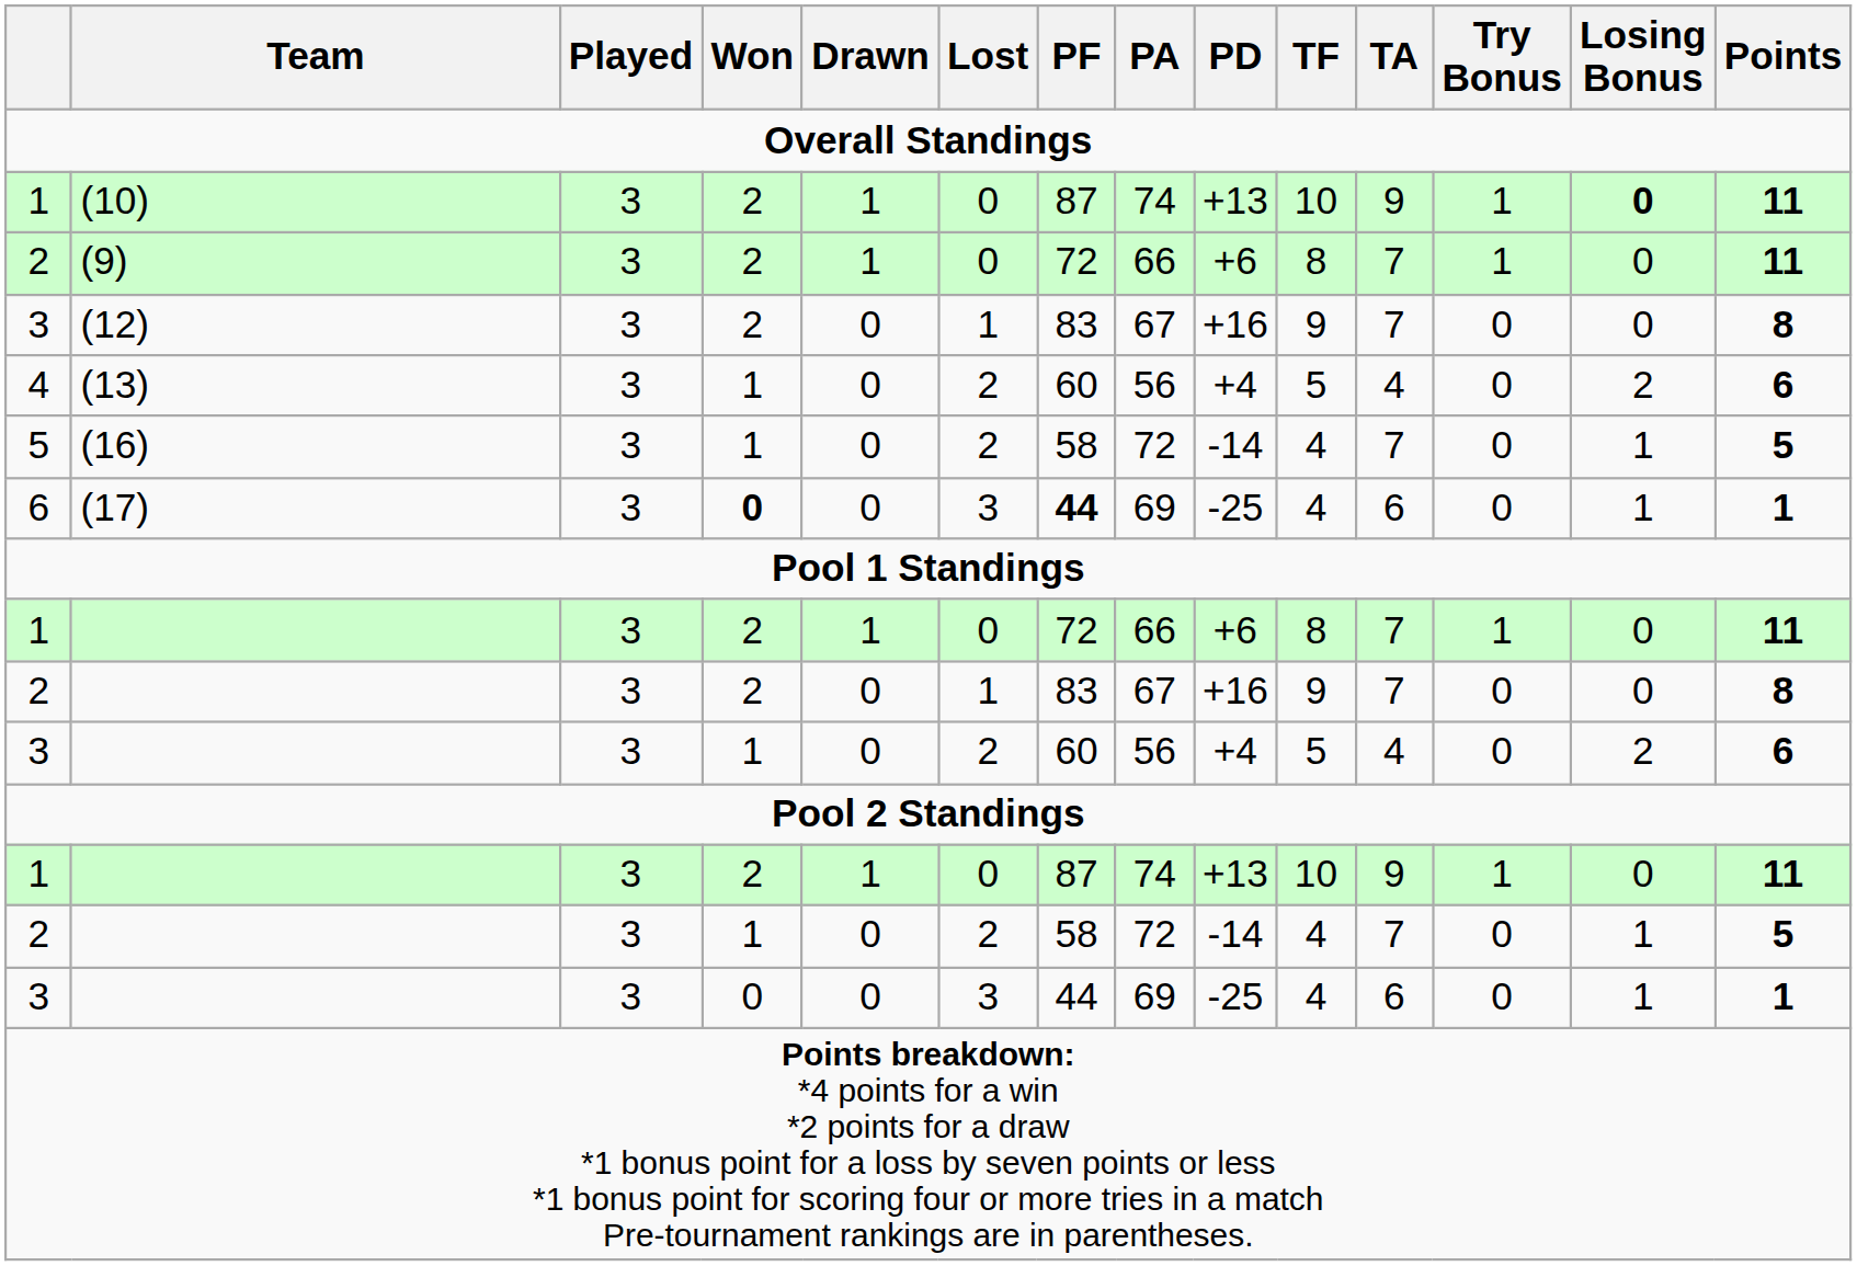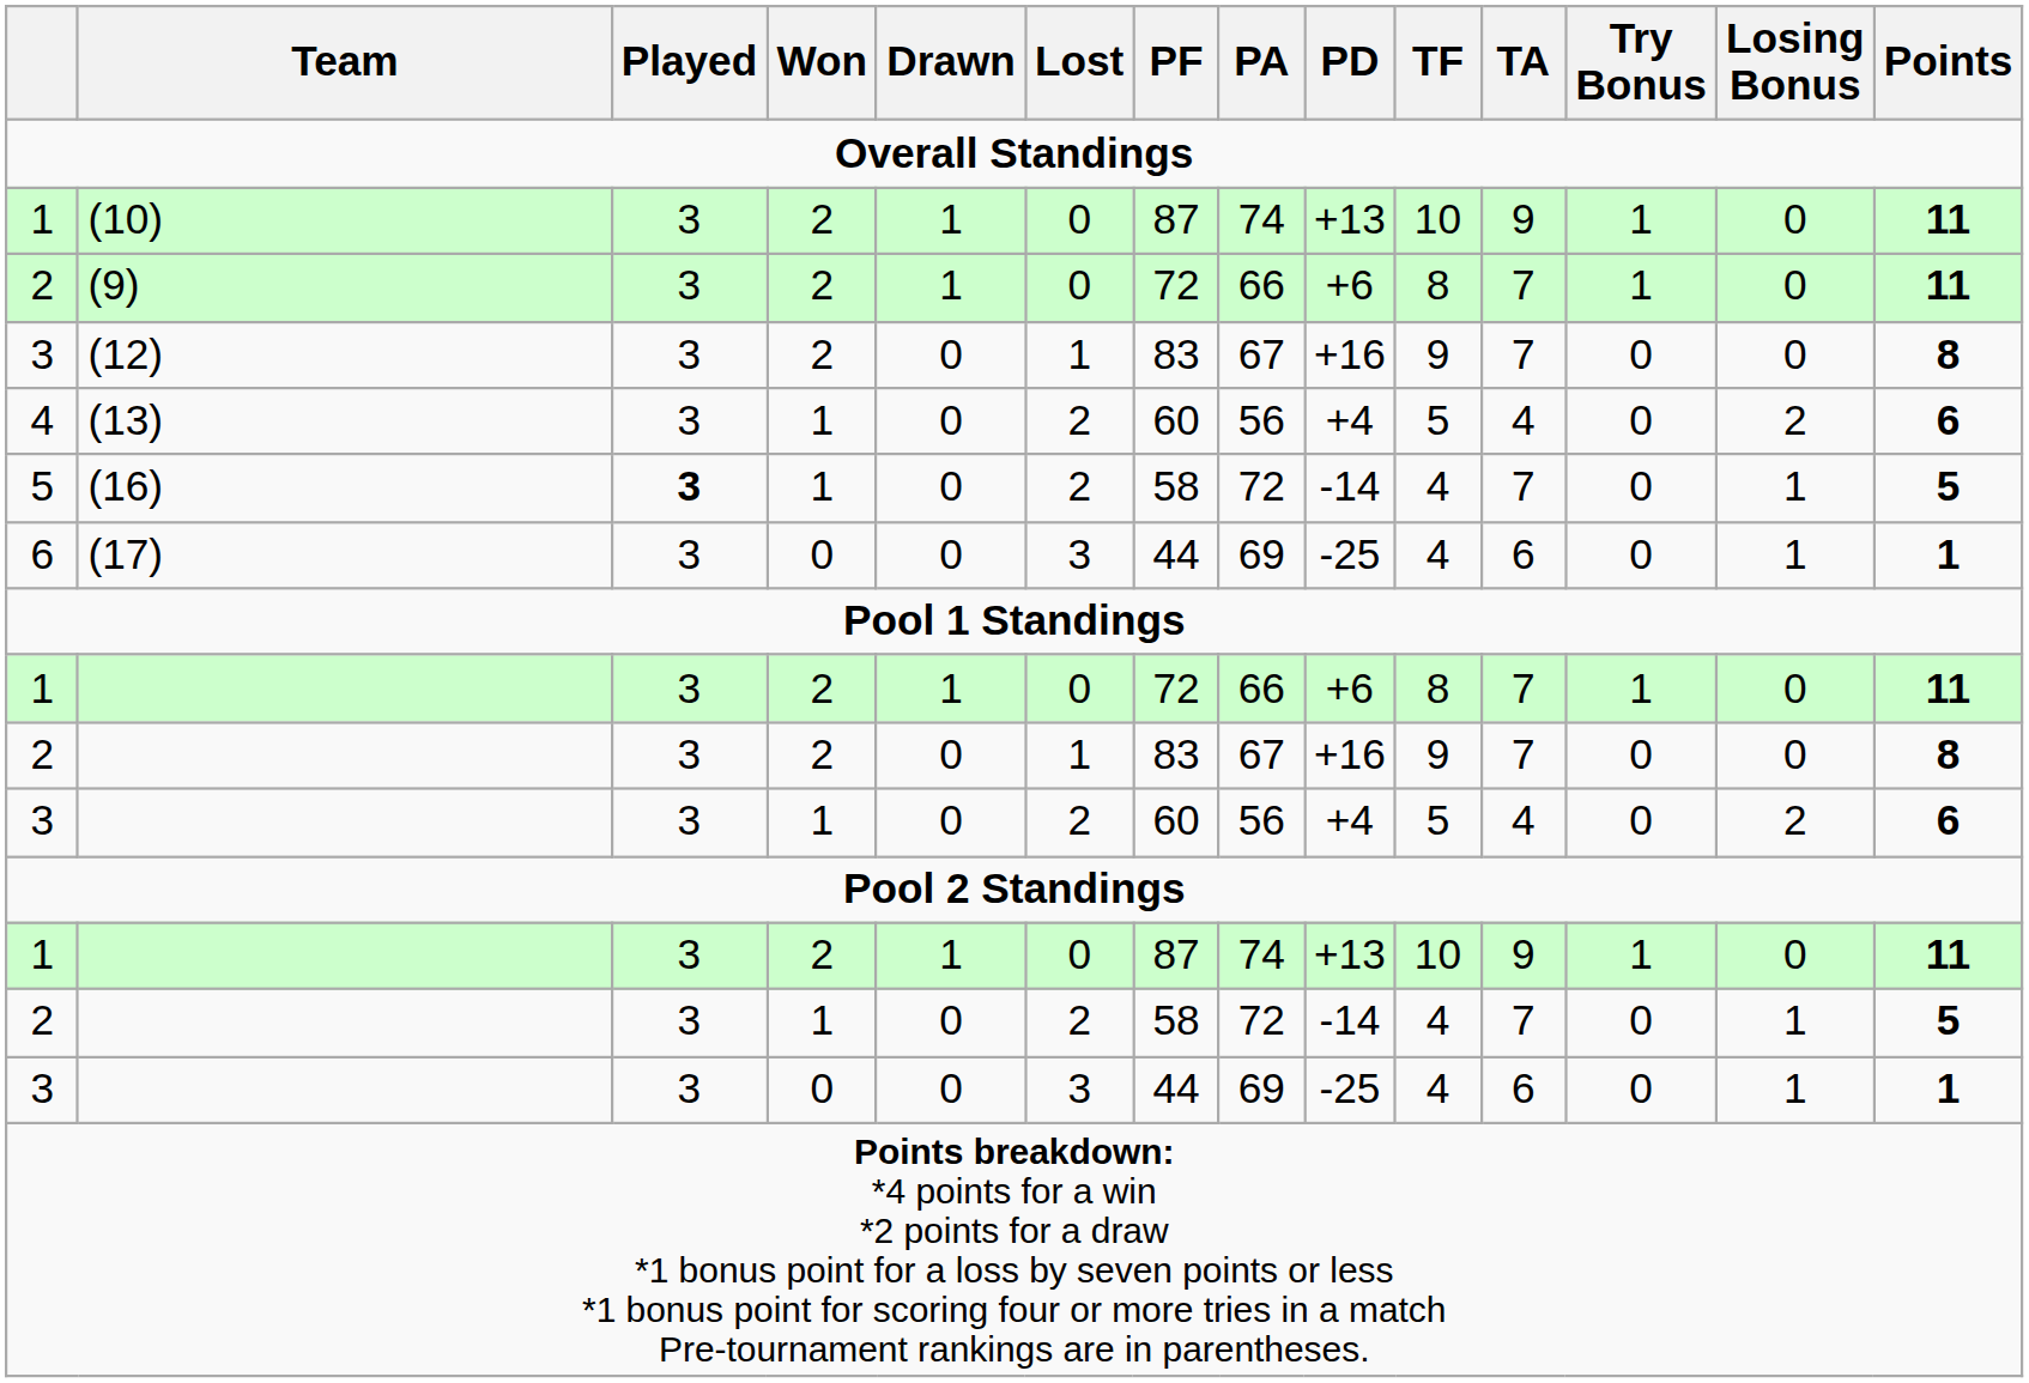 <table class="wikitable" style="text-align: center;">
 <tr>
 <th bgcolor="#efefef" width="20"></th>
 <th bgcolor="#efefef" width="195">Team</th>
 <th bgcolor="#efefef" width="25">Played</th>
 <th bgcolor="#efefef" width="25">Won</th>
 <th bgcolor="#efefef" width="25">Drawn</th>
 <th bgcolor="#efefef" width="25">Lost</th>
 <th bgcolor="#efefef" width="25">PF</th>
 <th bgcolor="#efefef" width="25">PA</th>
 <th bgcolor="#efefef" width="25">PD</th>
 <th bgcolor="#efefef" width="25">TF</th>
 <th bgcolor="#efefef" width="25">TA</th>
 <th bgcolor="#efefef" width="25">Try Bonus</th>
 <th bgcolor="#efefef" width="25">Losing Bonus</th>
 <th bgcolor="#efefef" width="25">Points</th>
 </tr>
 <tr>
 <td colspan=14><strong>Overall Standings</strong><br></td>
 </tr>
 <tr align=center bgcolor="#ccffcc">
 <td>1</td>
 <td align=left> (10)</td>
 <td>3</td>
 <td>2</td>
 <td>1</td>
 <td>0</td>
 <td>87</td>
 <td>74</td>
 <td>+13</td>
 <td>10</td>
 <td>9</td>
 <td>1</td>
-<td><strong>0</strong></td>
+<td>0</td>
 <td><strong>11</strong></td>
 </tr>
 <tr align=center bgcolor="#ccffcc">
 <td>2</td>
 <td align=left> (9)</td>
 <td>3</td>
 <td>2</td>
 <td>1</td>
 <td>0</td>
 <td>72</td>
 <td>66</td>
 <td>+6</td>
 <td>8</td>
 <td>7</td>
 <td>1</td>
 <td>0</td>
 <td><strong>11</strong></td>
 </tr>
 <tr align=center>
 <td>3</td>
 <td align=left> (12)</td>
 <td>3</td>
 <td>2</td>
 <td>0</td>
 <td>1</td>
 <td>83</td>
 <td>67</td>
 <td>+16</td>
 <td>9</td>
 <td>7</td>
 <td>0</td>
 <td>0</td>
 <td><strong>8</strong></td>
 </tr>
 <tr align=center>
 <td>4</td>
 <td align=left> (13)</td>
 <td>3</td>
 <td>1</td>
 <td>0</td>
 <td>2</td>
 <td>60</td>
 <td>56</td>
 <td>+4</td>
 <td>5</td>
 <td>4</td>
 <td>0</td>
 <td>2</td>
 <td><strong>6</strong></td>
 </tr>
 <tr align=center>
 <td>5</td>
 <td align=left> (16)</td>
-<td>3</td>
+<td><strong>3</strong></td>
 <td>1</td>
 <td>0</td>
 <td>2</td>
 <td>58</td>
 <td>72</td>
 <td>-14</td>
 <td>4</td>
 <td>7</td>
 <td>0</td>
 <td>1</td>
 <td><strong>5</strong></td>
 </tr>
 <tr align=center>
 <td>6</td>
 <td align=left> (17)</td>
 <td>3</td>
-<td><strong>0</strong></td>
+<td>0</td>
 <td>0</td>
 <td>3</td>
-<td><strong>44</strong></td>
+<td>44</td>
 <td>69</td>
 <td>-25</td>
 <td>4</td>
 <td>6</td>
 <td>0</td>
 <td>1</td>
 <td><strong>1</strong></td>
 </tr>
 <tr align=center>
 <td colspan=14><strong>Pool 1 Standings</strong><br></td>
 </tr>
 <tr align=center bgcolor="#ccffcc">
 <td>1</td>
 <td align=left></td>
 <td>3</td>
 <td>2</td>
 <td>1</td>
 <td>0</td>
 <td>72</td>
 <td>66</td>
 <td>+6</td>
 <td>8</td>
 <td>7</td>
 <td>1</td>
 <td>0</td>
 <td><strong>11</strong></td>
 </tr>
 <tr align=center>
 <td>2</td>
 <td align=left></td>
 <td>3</td>
 <td>2</td>
 <td>0</td>
 <td>1</td>
 <td>83</td>
 <td>67</td>
 <td>+16</td>
 <td>9</td>
 <td>7</td>
 <td>0</td>
 <td>0</td>
 <td><strong>8</strong></td>
 </tr>
 <tr align=center>
 <td>3</td>
 <td align=left></td>
 <td>3</td>
 <td>1</td>
 <td>0</td>
 <td>2</td>
 <td>60</td>
 <td>56</td>
 <td>+4</td>
 <td>5</td>
 <td>4</td>
 <td>0</td>
 <td>2</td>
 <td><strong>6</strong></td>
 </tr>
 <tr>
 <td colspan=14><strong>Pool 2 Standings</strong><br></td>
 </tr>
 <tr align=center bgcolor="#ccffcc">
 <td>1</td>
 <td align=left></td>
 <td>3</td>
 <td>2</td>
 <td>1</td>
 <td>0</td>
 <td>87</td>
 <td>74</td>
 <td>+13</td>
 <td>10</td>
 <td>9</td>
 <td>1</td>
 <td>0</td>
 <td><strong>11</strong></td>
 </tr>
 <tr align=center>
 <td>2</td>
 <td align=left></td>
 <td>3</td>
 <td>1</td>
 <td>0</td>
 <td>2</td>
 <td>58</td>
 <td>72</td>
 <td>-14</td>
 <td>4</td>
 <td>7</td>
 <td>0</td>
 <td>1</td>
 <td><strong>5</strong></td>
 </tr>
 <tr align=center>
 <td>3</td>
 <td align=left></td>
 <td>3</td>
 <td>0</td>
 <td>0</td>
 <td>3</td>
 <td>44</td>
 <td>69</td>
 <td>-25</td>
 <td>4</td>
 <td>6</td>
 <td>0</td>
 <td>1</td>
 <td><strong>1</strong></td>
 </tr>
 <tr |align=left|>
 <td colspan="14" style="border:0px;font-size:85%;"><strong>Points breakdown:</strong><br>*4 points for a win<br>*2 points for a draw<br>*1 bonus point for a loss by seven points or less<br>*1 bonus point for scoring four or more tries in a match<br>Pre-tournament rankings are in parentheses.</td>
 </tr>
 </table>
